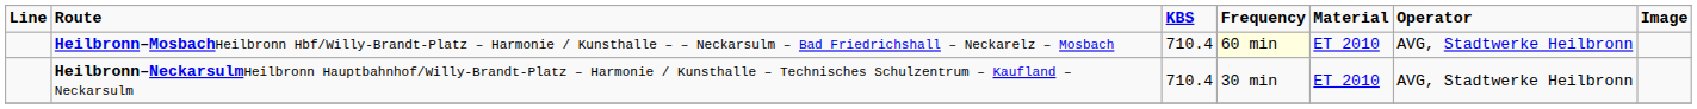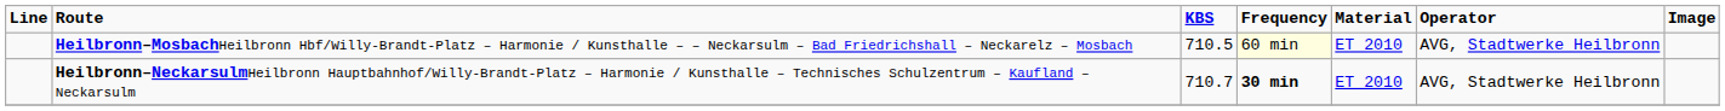 <table class="wikitable centered" style="font-size: 90%">
 <tr>
 <td><strong>Line</strong></td>
 <td><strong>Route</strong></td>
 <td><a href='#'><strong>KBS</strong></a></td>
 <td><strong>Frequency</strong></td>
 <td><strong>Material</strong></td>
 <td><strong>Operator</strong></td>
 <td><strong>Image</strong></td>
 </tr>
 <tr>
 <td></td>
 <td><strong><a href='#'>Heilbronn</a>–<a href='#'>Mosbach</a></strong><small>Heilbronn Hbf/Willy-Brandt-Platz – Harmonie / Kunsthalle –  – Neckarsulm – <a href='#'>Bad Friedrichshall</a> – Neckarelz – <a href='#'>Mosbach</a></small></td>
-<td style="text-align:center;">710.4</td>
+<td style="text-align:center;">710.5</td>
 <td style="background: lightyellow;">60 min</td>
 <td><a href='#'>ET 2010</a></td>
 <td>AVG, <a href='#'>Stadtwerke Heilbronn</a></td>
 <td></td>
 </tr>
 <tr>
 <td></td>
 <td><strong>Heilbronn–<a href='#'>Neckarsulm</a></strong><small>Heilbronn Hauptbahnhof/Willy-Brandt-Platz – Harmonie / Kunsthalle – Technisches Schulzentrum – <a href='#'>Kaufland</a> – Neckarsulm</small></td>
-<td style="text-align:center;">710.4</td>
-<td>30 min</td>
+<td style="text-align:center;">710.7</td>
+<td><strong>30 min</strong></td>
 <td><a href='#'>ET 2010</a></td>
 <td>AVG, Stadtwerke Heilbronn</td>
 <td></td>
 </tr>
 <tr>
 </tr>
 </table>
